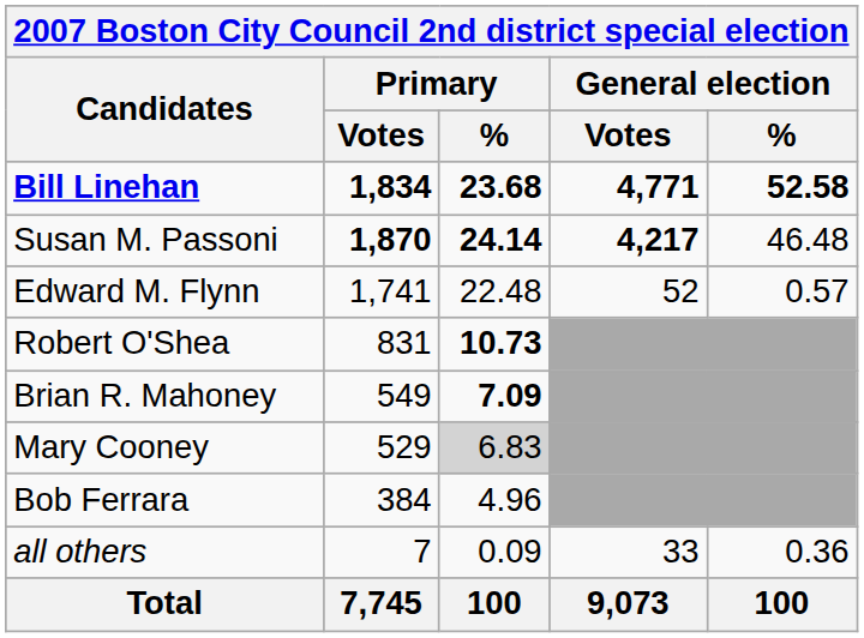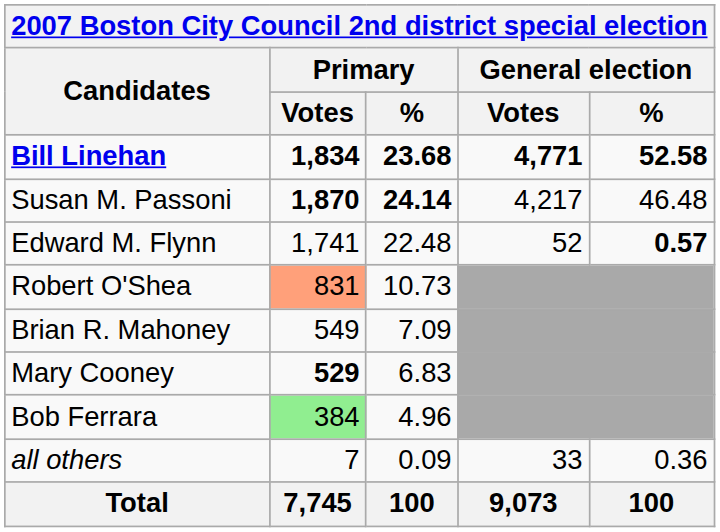 <table class=wikitable>
 <tr>
 <th colspan=5><a href='#'>2007 Boston City Council 2nd district special election</a></th>
 </tr>
 <tr>
 <th colspan=1 rowspan=2><strong>Candidates</strong></th>
 <th colspan=2><strong>Primary</strong></th>
 <th colspan=2><strong>General election</strong></th>
 </tr>
 <tr>
 <th>Votes</th>
 <th>%</th>
 <th>Votes</th>
 <th>%</th>
 </tr>
 <tr>
 <td><strong><a href='#'>Bill Linehan</a></strong></td>
 <td align="right"><strong>1,834</strong></td>
 <td align="right"><strong>23.68</strong></td>
 <td align="right"><strong>4,771</strong></td>
 <td align="right"><strong>52.58</strong></td>
 </tr>
 <tr>
 <td>Susan M. Passoni</td>
 <td align="right"><strong>1,870</strong></td>
 <td align="right"><strong>24.14</strong></td>
-<td align="right"><strong>4,217</strong></td>
+<td align="right">4,217</td>
 <td align="right">46.48</td>
 </tr>
 <tr>
 <td>Edward M. Flynn</td>
 <td align="right">1,741</td>
 <td align="right">22.48</td>
 <td align="right">52</td>
-<td align="right">0.57</td>
+<td align="right"><strong>0.57</strong></td>
 </tr>
 <tr>
 <td>Robert O'Shea</td>
-<td align="right">831</td>
-<td align="right"><strong>10.73</strong></td>
+<td align="right" style="background: lightsalmon;">831</td>
+<td align="right">10.73</td>
 <td colspan=2 bgcolor=darkgray> </td>
 </tr>
 <tr>
 <td>Brian R. Mahoney</td>
 <td align="right">549</td>
-<td align="right"><strong>7.09</strong></td>
+<td align="right">7.09</td>
 <td colspan=2 bgcolor=darkgray> </td>
 </tr>
 <tr>
 <td>Mary Cooney</td>
-<td align="right">529</td>
-<td align="right" style="background: lightgrey;">6.83</td>
+<td align="right"><strong>529</strong></td>
+<td align="right">6.83</td>
 <td colspan=2 bgcolor=darkgray> </td>
 </tr>
 <tr>
 <td>Bob Ferrara</td>
-<td align="right">384</td>
+<td align="right" style="background: lightgreen;">384</td>
 <td align="right">4.96</td>
 <td colspan=2 bgcolor=darkgray> </td>
 </tr>
 <tr>
 <td><em>all others</em></td>
 <td align="right">7</td>
 <td align="right">0.09</td>
 <td align="right">33</td>
 <td align="right">0.36</td>
 </tr>
 <tr>
 <th><strong>Total</strong></th>
 <th align="right"><strong>7,745</strong></th>
 <th align="right"><strong>100</strong></th>
 <th align="right"><strong>9,073</strong></th>
 <th align="right"><strong>100</strong></th>
 </tr>
 </table>
